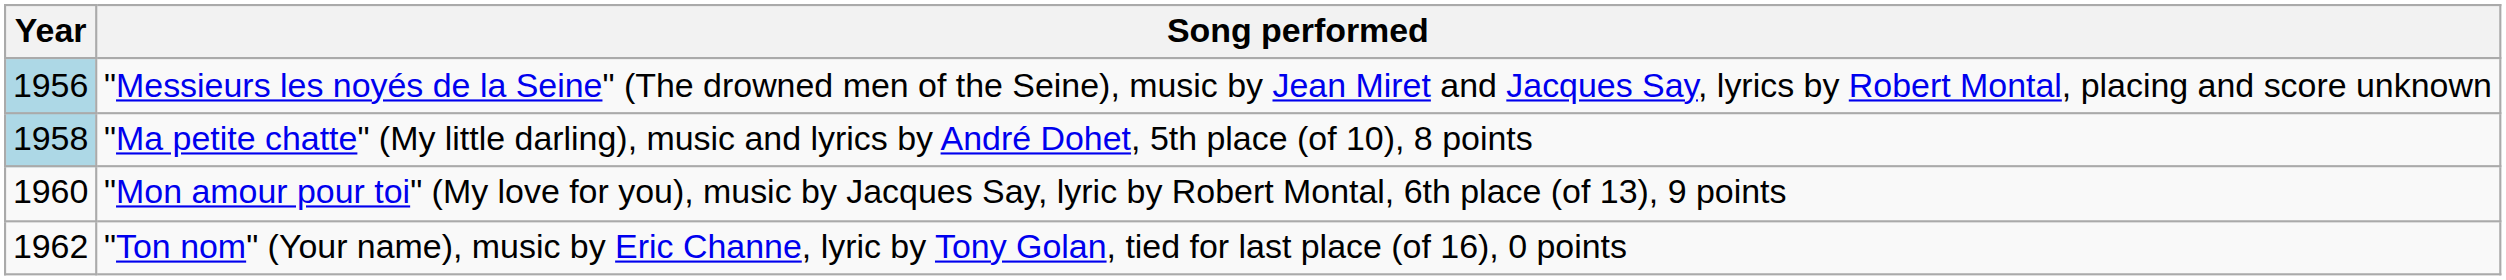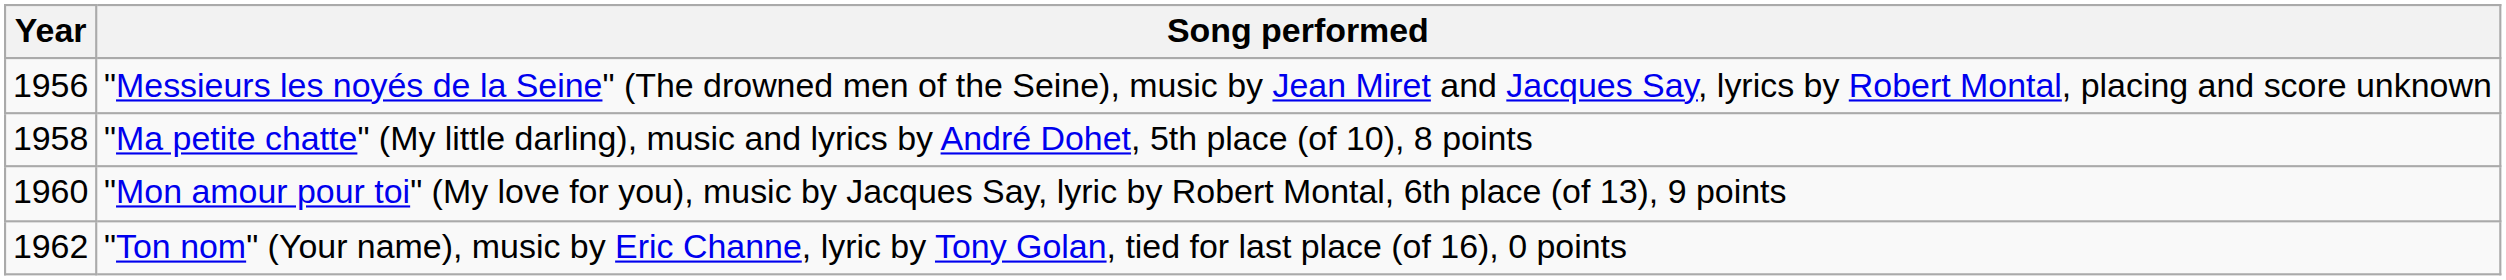 <table class="wikitable">
 <tr>
 <th>Year</th>
 <th>Song performed</th>
 </tr>
 <tr>
-<td style="background: lightblue;">1956</td>
+<td>1956</td>
 <td>"<a href='#'>Messieurs les noyés de la Seine</a>" (The drowned men of the Seine), music by <a href='#'>Jean Miret</a> and <a href='#'>Jacques Say</a>, lyrics by <a href='#'>Robert Montal</a>, placing and score unknown</td>
 </tr>
 <tr>
-<td style="background: lightblue;">1958</td>
+<td>1958</td>
 <td>"<a href='#'>Ma petite chatte</a>" (My little darling), music and lyrics by <a href='#'>André Dohet</a>, 5th place (of 10), 8 points</td>
 </tr>
 <tr>
 <td>1960</td>
 <td>"<a href='#'>Mon amour pour toi</a>" (My love for you), music by Jacques Say, lyric by Robert Montal, 6th place (of 13), 9 points</td>
 </tr>
 <tr>
 <td>1962</td>
 <td>"<a href='#'>Ton nom</a>" (Your name), music by <a href='#'>Eric Channe</a>, lyric by <a href='#'>Tony Golan</a>, tied for last place (of 16), 0 points</td>
 </tr>
 </table>
